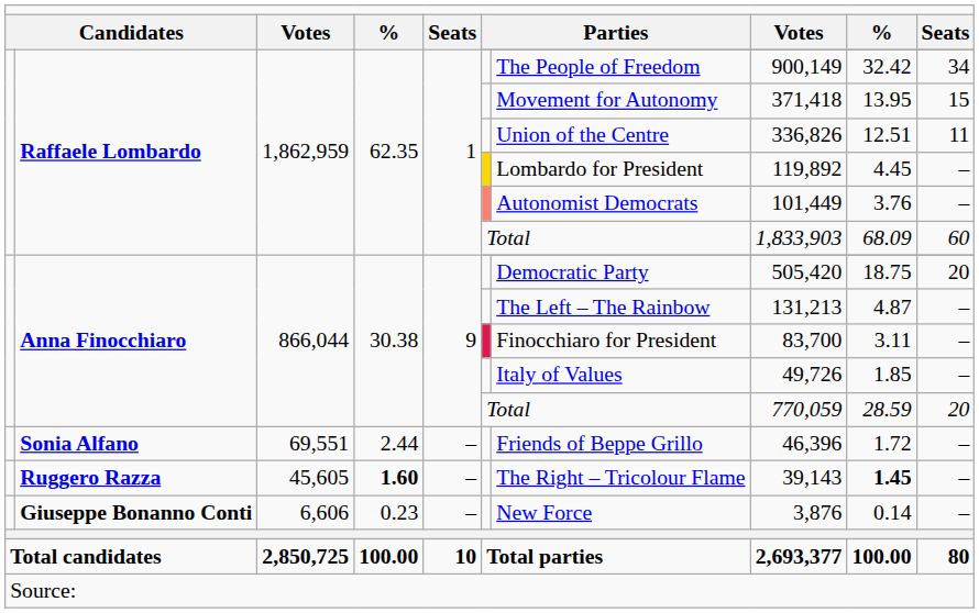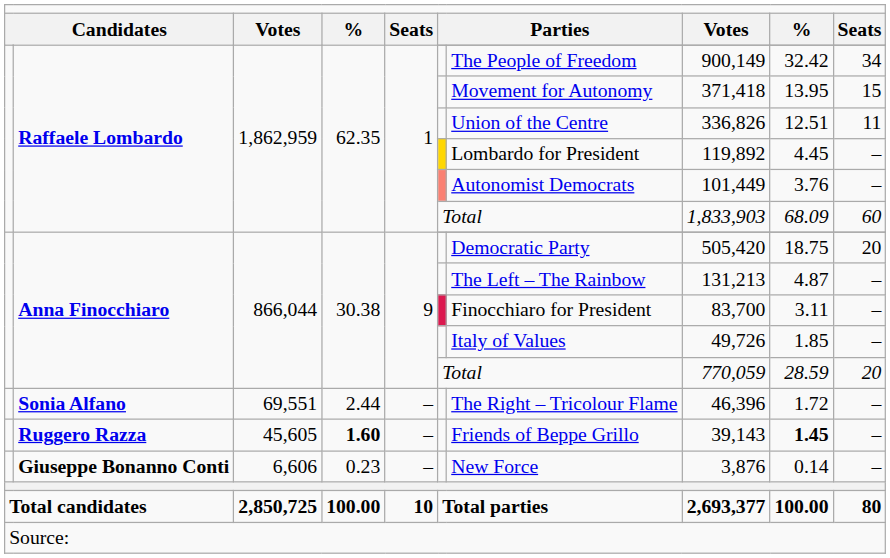 <table class="wikitable">
 <tr>
 <td colspan=10></td>
 </tr>
 <tr>
 <th colspan=2>Candidates</th>
 <th>Votes</th>
 <th>%</th>
 <th>Seats</th>
 <th colspan=2>Parties</th>
 <th>Votes</th>
 <th>%</th>
 <th>Seats</th>
 </tr>
 <tr>
 <td rowspan=7></td>
 <td rowspan=7><strong><a href='#'>Raffaele Lombardo</a></strong></td>
 <td rowspan=7 align=right>1,862,959</td>
 <td rowspan=7 align=right>62.35</td>
 <td rowspan=7 align=right>1</td>
 </tr>
 <tr>
 <td></td>
 <td><a href='#'>The People of Freedom</a></td>
 <td align=right>900,149</td>
 <td align=right>32.42</td>
 <td align=right>34</td>
 </tr>
 <tr>
 <td></td>
 <td><a href='#'>Movement for Autonomy</a></td>
 <td align=right>371,418</td>
 <td align=right>13.95</td>
 <td align=right>15</td>
 </tr>
 <tr>
 <td></td>
 <td><a href='#'>Union of the Centre</a></td>
 <td align=right>336,826</td>
 <td align=right>12.51</td>
 <td align=right>11</td>
 </tr>
 <tr>
 <td bgcolor="gold"></td>
 <td>Lombardo for President</td>
 <td align=right>119,892</td>
 <td align=right>4.45</td>
 <td align=right>–</td>
 </tr>
 <tr>
 <td bgcolor="salmon"></td>
 <td><a href='#'>Autonomist Democrats</a></td>
 <td align=right>101,449</td>
 <td align=right>3.76</td>
 <td align=right>–</td>
 </tr>
 <tr>
 <td colspan=2><em>Total</em></td>
 <td align=right><em>1,833,903</em></td>
 <td align=right><em>68.09 </em></td>
 <td align=right><em>60</em></td>
 </tr>
 <tr>
 <td rowspan=6></td>
 <td rowspan=6><strong><a href='#'>Anna Finocchiaro</a></strong></td>
 <td rowspan=6 align=right>866,044</td>
 <td rowspan=6 align=right>30.38</td>
 <td rowspan=6 align=right>9</td>
 </tr>
 <tr>
 <td></td>
 <td><a href='#'>Democratic Party</a></td>
 <td align=right>505,420</td>
 <td align=right>18.75</td>
 <td align=right>20</td>
 </tr>
 <tr>
 <td></td>
 <td><a href='#'>The Left – The Rainbow</a></td>
 <td align=right>131,213</td>
 <td align=right>4.87</td>
 <td align=right>–</td>
 </tr>
 <tr>
 <td bgcolor="#DC184F"></td>
 <td>Finocchiaro for President</td>
 <td align=right>83,700</td>
 <td align=right>3.11</td>
 <td align=right>–</td>
 </tr>
 <tr>
 <td></td>
 <td><a href='#'>Italy of Values</a></td>
 <td align=right>49,726</td>
 <td align=right>1.85</td>
 <td align=right>–</td>
 </tr>
 <tr>
 <td colspan=2><em>Total</em></td>
 <td align=right><em>770,059</em></td>
 <td align=right><em>28.59</em></td>
 <td align=right><em>20</em></td>
 </tr>
 <tr>
 <td></td>
 <td><strong><a href='#'>Sonia Alfano</a></strong></td>
 <td align=right>69,551</td>
 <td align=right>2.44</td>
 <td align=right>–</td>
 <td></td>
-<td><a href='#'>Friends of Beppe Grillo</a></td>
+<td><a href='#'>The Right – Tricolour Flame</a></td>
 <td align=right>46,396</td>
 <td align=right>1.72</td>
 <td align=right>–</td>
 </tr>
 <tr>
 <td></td>
 <td><strong><a href='#'>Ruggero Razza</a></strong></td>
 <td align=right>45,605</td>
 <td align=right><strong>1.60</strong></td>
 <td align=right>–</td>
 <td></td>
-<td><a href='#'>The Right – Tricolour Flame</a></td>
+<td><a href='#'>Friends of Beppe Grillo</a></td>
 <td align=right>39,143</td>
 <td align=right><strong>1.45</strong></td>
 <td align=right>–</td>
 </tr>
 <tr>
 <td></td>
 <td><strong>Giuseppe Bonanno Conti</strong></td>
 <td align=right>6,606</td>
 <td align=right>0.23</td>
 <td align=right>–</td>
 <td></td>
 <td><a href='#'>New Force</a></td>
 <td align=right>3,876</td>
 <td align=right>0.14</td>
 <td align=right>–</td>
 </tr>
 <tr>
 <th colspan=10></th>
 </tr>
 <tr>
 <td colspan=2><strong>Total candidates</strong></td>
 <td align=right><strong>2,850,725</strong></td>
 <td align=right><strong>100.00</strong></td>
 <td align=right><strong>10</strong></td>
 <td colspan=2><strong>Total parties</strong></td>
 <td align=right><strong>2,693,377</strong></td>
 <td align=right><strong>100.00</strong></td>
 <td align=right><strong>80</strong></td>
 </tr>
 <tr>
 <td colspan=10>Source: </td>
 </tr>
 </table>
